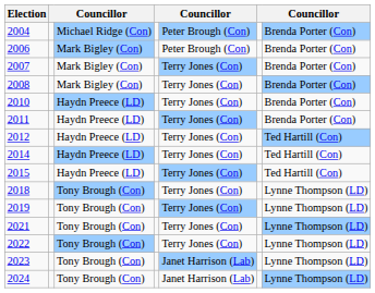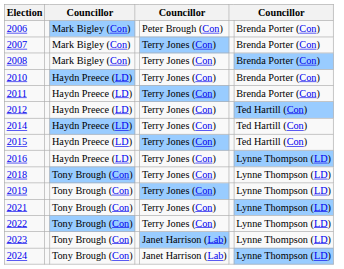 <table class="wikitable">
 <tr>
 <th>Election</th>
 <th colspan="2">Councillor</th>
 <th colspan="2">Councillor</th>
 <th colspan="2">Councillor</th>
-</tr>
-<tr>
-<td><a href='#'>2004</a></td>
-<td style="background-color: "></td>
-<td bgcolor="#99CCFF">Michael Ridge (<a href='#'>Con</a>)</td>
-<td style="background-color: "></td>
-<td bgcolor="#99CCFF">Peter Brough (<a href='#'>Con</a>)</td>
-<td style="background-color: "></td>
-<td bgcolor="#99CCFF">Brenda Porter (<a href='#'>Con</a>)</td>
 </tr>
 <tr>
 <td><a href='#'>2006</a></td>
 <td style="background-color: "></td>
 <td bgcolor="#99CCFF">Mark Bigley (<a href='#'>Con</a>)</td>
 <td style="background-color: "></td>
 <td>Peter Brough (<a href='#'>Con</a>)</td>
 <td style="background-color: "></td>
 <td>Brenda Porter (<a href='#'>Con</a>)</td>
 </tr>
 <tr>
 <td><a href='#'>2007</a></td>
 <td style="background-color: "></td>
 <td>Mark Bigley (<a href='#'>Con</a>)</td>
 <td style="background-color: "></td>
 <td bgcolor="#99CCFF">Terry Jones (<a href='#'>Con</a>)</td>
 <td style="background-color: "></td>
 <td>Brenda Porter (<a href='#'>Con</a>)</td>
 </tr>
 <tr>
 <td><a href='#'>2008</a></td>
 <td style="background-color: "></td>
 <td>Mark Bigley (<a href='#'>Con</a>)</td>
 <td style="background-color: "></td>
 <td>Terry Jones (<a href='#'>Con</a>)</td>
 <td style="background-color: "></td>
 <td bgcolor="#99CCFF">Brenda Porter (<a href='#'>Con</a>)</td>
 </tr>
 <tr>
 <td><a href='#'>2010</a></td>
 <td style="background-color: "></td>
 <td bgcolor="#99CCFF">Haydn Preece (<a href='#'>LD</a>)</td>
 <td style="background-color: "></td>
 <td>Terry Jones (<a href='#'>Con</a>)</td>
 <td style="background-color: "></td>
 <td>Brenda Porter (<a href='#'>Con</a>)</td>
 </tr>
 <tr>
 <td><a href='#'>2011</a></td>
 <td style="background-color: "></td>
 <td>Haydn Preece (<a href='#'>LD</a>)</td>
 <td style="background-color: "></td>
 <td bgcolor="#99CCFF">Terry Jones (<a href='#'>Con</a>)</td>
 <td style="background-color: "></td>
 <td>Brenda Porter (<a href='#'>Con</a>)</td>
 </tr>
 <tr>
 <td><a href='#'>2012</a></td>
 <td style="background-color: "></td>
 <td>Haydn Preece (<a href='#'>LD</a>)</td>
 <td style="background-color: "></td>
 <td>Terry Jones (<a href='#'>Con</a>)</td>
 <td style="background-color: "></td>
 <td bgcolor="#99CCFF">Ted Hartill (<a href='#'>Con</a>)</td>
 </tr>
 <tr>
 <td><a href='#'>2014</a></td>
 <td style="background-color: "></td>
 <td bgcolor="#99CCFF">Haydn Preece (<a href='#'>LD</a>)</td>
 <td style="background-color: "></td>
 <td>Terry Jones (<a href='#'>Con</a>)</td>
 <td style="background-color: "></td>
 <td>Ted Hartill (<a href='#'>Con</a>)</td>
 </tr>
 <tr>
 <td><a href='#'>2015</a></td>
 <td style="background-color: "></td>
 <td>Haydn Preece (<a href='#'>LD</a>)</td>
 <td style="background-color: "></td>
 <td bgcolor="#99CCFF">Terry Jones (<a href='#'>Con</a>)</td>
 <td style="background-color: "></td>
 <td>Ted Hartill (<a href='#'>Con</a>)</td>
 </tr>
 <tr>
+<td><a href='#'>2016</a></td>
+<td style="background-color: "></td>
+<td>Haydn Preece (<a href='#'>LD</a>)</td>
+<td style="background-color: "></td>
+<td>Terry Jones (<a href='#'>Con</a>)</td>
+<td style="background-color: "></td>
+<td bgcolor="#99CCFF">Lynne Thompson (<a href='#'>LD</a>)</td>
+</tr>
+<tr>
 <td><a href='#'>2018</a></td>
 <td style="background-color: "></td>
 <td bgcolor="#99CCFF">Tony Brough (<a href='#'>Con</a>)</td>
 <td style="background-color: "></td>
 <td>Terry Jones (<a href='#'>Con</a>)</td>
 <td style="background-color: "></td>
 <td>Lynne Thompson (<a href='#'>LD</a>)</td>
 </tr>
 <tr>
 <td><a href='#'>2019</a></td>
 <td style="background-color: "></td>
 <td>Tony Brough (<a href='#'>Con</a>)</td>
 <td style="background-color: "></td>
 <td bgcolor="#99CCFF">Terry Jones (<a href='#'>Con</a>)</td>
 <td style="background-color: "></td>
 <td>Lynne Thompson (<a href='#'>LD</a>)</td>
 </tr>
 <tr>
 <td><a href='#'>2021</a></td>
 <td style="background-color: "></td>
 <td>Tony Brough (<a href='#'>Con</a>)</td>
 <td style="background-color: "></td>
 <td>Terry Jones (<a href='#'>Con</a>)</td>
 <td style="background-color: "></td>
 <td bgcolor="#99CCFF">Lynne Thompson (<a href='#'>LD</a>)</td>
 </tr>
 <tr>
 <td><a href='#'>2022</a></td>
 <td style="background-color: "></td>
 <td bgcolor="#99CCFF">Tony Brough (<a href='#'>Con</a>)</td>
 <td style="background-color: "></td>
 <td>Terry Jones (<a href='#'>Con</a>)</td>
 <td style="background-color: "></td>
 <td>Lynne Thompson (<a href='#'>LD</a>)</td>
 </tr>
 <tr>
 <td><a href='#'>2023</a></td>
 <td style="background-color: "></td>
 <td>Tony Brough (<a href='#'>Con</a>)</td>
 <td style="background-color: "></td>
 <td bgcolor="#99CCFF">Janet Harrison (<a href='#'>Lab</a>)</td>
 <td style="background-color: "></td>
 <td>Lynne Thompson (<a href='#'>LD</a>)</td>
 </tr>
 <tr>
 <td><a href='#'>2024</a></td>
 <td style="background-color: "></td>
 <td>Tony Brough (<a href='#'>Con</a>)</td>
 <td style="background-color: "></td>
 <td>Janet Harrison (<a href='#'>Lab</a>)</td>
 <td style="background-color: "></td>
 <td bgcolor="#99CCFF">Lynne Thompson (<a href='#'>LD</a>)</td>
 </tr>
 </table>
